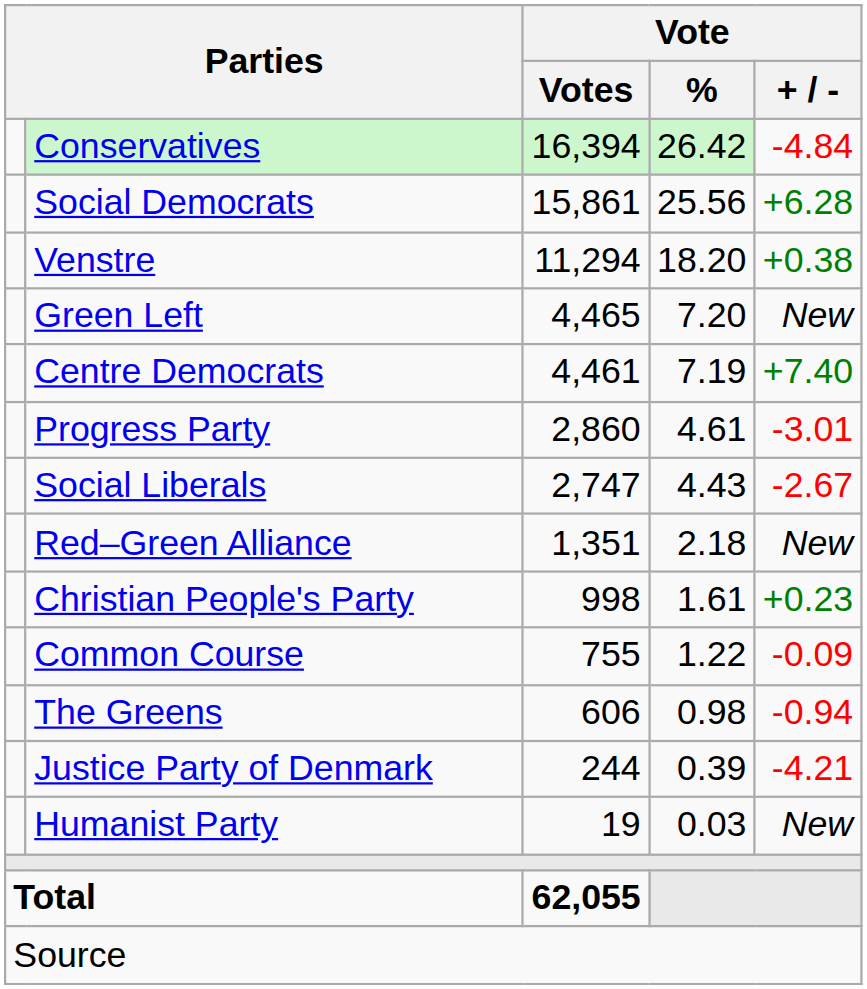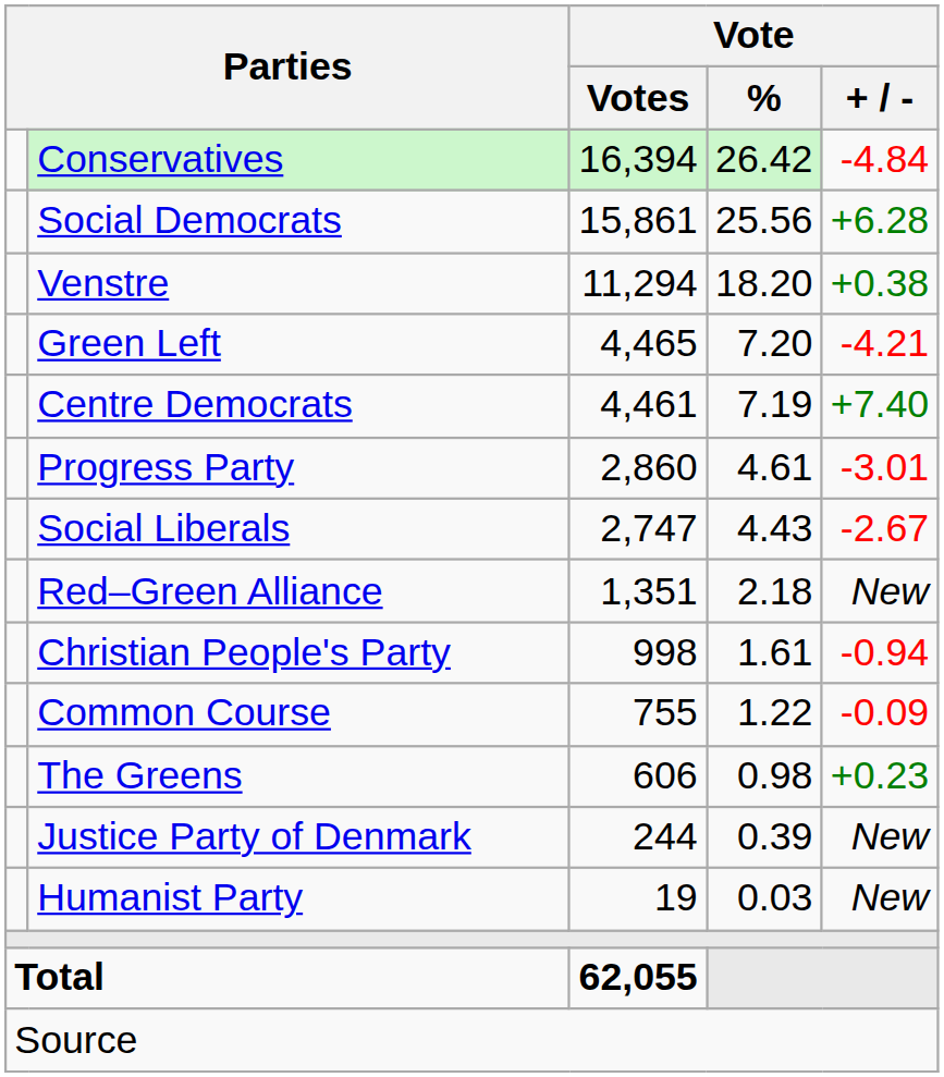 <table class="wikitable" style="text-align:right;">
 <tr>
 <th style="text-align:centre;" rowspan="2" colspan="2" width="225">Parties</th>
 <th colspan="3">Vote</th>
 </tr>
 <tr>
 <th width="15">Votes</th>
 <th width="15">%</th>
 <th width="15">+ / -</th>
 </tr>
 <tr>
 <td width="2" style="color:inherit;background:"></td>
 <td bgcolor=#ccf7cc  align="left"><a href='#'>Conservatives</a></td>
 <td bgcolor=#ccf7cc>16,394</td>
 <td bgcolor=#ccf7cc>26.42</td>
 <td style=color:red;>-4.84</td>
 </tr>
 <tr>
 <td width="2" style="color:inherit;background:"></td>
 <td align="left"><a href='#'>Social Democrats</a></td>
 <td>15,861</td>
 <td>25.56</td>
 <td style=color:green;>+6.28</td>
 </tr>
 <tr>
 <td width="2" style="color:inherit;background:"></td>
 <td align="left"><a href='#'>Venstre</a></td>
 <td>11,294</td>
 <td>18.20</td>
 <td style=color:green;>+0.38</td>
 </tr>
 <tr>
 <td width="2" style="color:inherit;background:"></td>
 <td align="left"><a href='#'>Green Left</a></td>
 <td>4,465</td>
 <td>7.20</td>
-<td><em>New</em></td>
+<td style=color:red;>-4.21</td>
 </tr>
 <tr>
 <td width="2" style="color:inherit;background:"></td>
 <td align="left"><a href='#'>Centre Democrats</a></td>
 <td>4,461</td>
 <td>7.19</td>
 <td style=color:green;>+7.40</td>
 </tr>
 <tr>
 <td width="2" style="color:inherit;background:"></td>
 <td align="left"><a href='#'>Progress Party</a></td>
 <td>2,860</td>
 <td>4.61</td>
 <td style=color:red;>-3.01</td>
 </tr>
 <tr>
 <td width="2" style="color:inherit;background:"></td>
 <td align="left"><a href='#'>Social Liberals</a></td>
 <td>2,747</td>
 <td>4.43</td>
 <td style=color:red;>-2.67</td>
 </tr>
 <tr>
 <td width="2" style="color:inherit;background:"></td>
 <td align="left"><a href='#'>Red–Green Alliance</a></td>
 <td>1,351</td>
 <td>2.18</td>
 <td><em>New</em></td>
 </tr>
 <tr>
 <td width="2" style="color:inherit;background:"></td>
 <td align="left"><a href='#'>Christian People's Party</a></td>
 <td>998</td>
 <td>1.61</td>
-<td style=color:green;>+0.23</td>
+<td style=color:red;>-0.94</td>
 </tr>
 <tr>
 <td width="2" style="color:inherit;background:"></td>
 <td align="left"><a href='#'>Common Course</a></td>
 <td>755</td>
 <td>1.22</td>
 <td style=color:red;>-0.09</td>
 </tr>
 <tr>
 <td width="2" style="color:inherit;background:"></td>
 <td align="left"><a href='#'>The Greens</a></td>
 <td>606</td>
 <td>0.98</td>
-<td style=color:red;>-0.94</td>
+<td style=color:green;>+0.23</td>
 </tr>
 <tr>
 <td width="2" style="color:inherit;background:"></td>
 <td align="left"><a href='#'>Justice Party of Denmark</a></td>
 <td>244</td>
 <td>0.39</td>
-<td style=color:red;>-4.21</td>
+<td><em>New</em></td>
 </tr>
 <tr>
 <td width="2" style="color:inherit;background:"></td>
 <td align="left"><a href='#'>Humanist Party</a></td>
 <td>19</td>
 <td>0.03</td>
 <td><em>New</em></td>
 </tr>
 <tr>
 <td colspan="7" bgcolor="#E9E9E9"></td>
 </tr>
 <tr>
 <td align="left" colspan="2"><strong>Total</strong></td>
 <td><strong>62,055</strong></td>
 <td bgcolor="#E9E9E9" colspan="2"></td>
 </tr>
 <tr>
 <td align="left" colspan="6">Source</td>
 </tr>
 </table>
